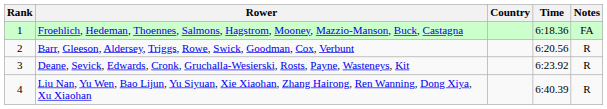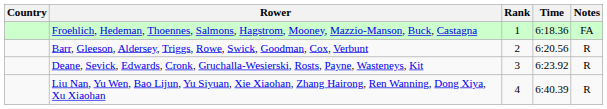 <table class="wikitable" style="text-align:center">
 <tr>
+<th>Country</th>
+<th>Rower</th>
 <th>Rank</th>
-<th>Rower</th>
-<th>Country</th>
 <th>Time</th>
 <th>Notes</th>
 </tr>
 <tr bgcolor=ccffcc>
+<td align="left"></td>
+<td align="left"><a href='#'>Froehlich</a>, <a href='#'>Hedeman</a>, <a href='#'>Thoennes</a>, <a href='#'>Salmons</a>, <a href='#'>Hagstrom</a>, <a href='#'>Mooney</a>, <a href='#'>Mazzio-Manson</a>, <a href='#'>Buck</a>, <a href='#'>Castagna</a></td>
 <td>1</td>
-<td align="left"><a href='#'>Froehlich</a>, <a href='#'>Hedeman</a>, <a href='#'>Thoennes</a>, <a href='#'>Salmons</a>, <a href='#'>Hagstrom</a>, <a href='#'>Mooney</a>, <a href='#'>Mazzio-Manson</a>, <a href='#'>Buck</a>, <a href='#'>Castagna</a></td>
-<td align="left"></td>
 <td>6:18.36</td>
 <td>FA</td>
 </tr>
 <tr>
+<td align="left"></td>
+<td align="left"><a href='#'>Barr</a>, <a href='#'>Gleeson</a>, <a href='#'>Aldersey</a>, <a href='#'>Triggs</a>, <a href='#'>Rowe</a>, <a href='#'>Swick</a>, <a href='#'>Goodman</a>, <a href='#'>Cox</a>, <a href='#'>Verbunt</a></td>
 <td>2</td>
-<td align="left"><a href='#'>Barr</a>, <a href='#'>Gleeson</a>, <a href='#'>Aldersey</a>, <a href='#'>Triggs</a>, <a href='#'>Rowe</a>, <a href='#'>Swick</a>, <a href='#'>Goodman</a>, <a href='#'>Cox</a>, <a href='#'>Verbunt</a></td>
-<td align="left"></td>
 <td>6:20.56</td>
 <td>R</td>
 </tr>
 <tr>
+<td align="left"></td>
+<td align="left"><a href='#'>Deane</a>, <a href='#'>Sevick</a>, <a href='#'>Edwards</a>, <a href='#'>Cronk</a>, <a href='#'>Gruchalla-Wesierski</a>, <a href='#'>Rosts</a>, <a href='#'>Payne</a>, <a href='#'>Wasteneys</a>, <a href='#'>Kit</a></td>
 <td>3</td>
-<td align="left"><a href='#'>Deane</a>, <a href='#'>Sevick</a>, <a href='#'>Edwards</a>, <a href='#'>Cronk</a>, <a href='#'>Gruchalla-Wesierski</a>, <a href='#'>Rosts</a>, <a href='#'>Payne</a>, <a href='#'>Wasteneys</a>, <a href='#'>Kit</a></td>
-<td align="left"></td>
 <td>6:23.92</td>
 <td>R</td>
 </tr>
 <tr>
+<td align="left"></td>
+<td align="left"><a href='#'>Liu Nan</a>, <a href='#'>Yu Wen</a>, <a href='#'>Bao Lijun</a>, <a href='#'>Yu Siyuan</a>, <a href='#'>Xie Xiaohan</a>, <a href='#'>Zhang Hairong</a>, <a href='#'>Ren Wanning</a>, <a href='#'>Dong Xiya</a>, <a href='#'>Xu Xiaohan</a></td>
 <td>4</td>
-<td align="left"><a href='#'>Liu Nan</a>, <a href='#'>Yu Wen</a>, <a href='#'>Bao Lijun</a>, <a href='#'>Yu Siyuan</a>, <a href='#'>Xie Xiaohan</a>, <a href='#'>Zhang Hairong</a>, <a href='#'>Ren Wanning</a>, <a href='#'>Dong Xiya</a>, <a href='#'>Xu Xiaohan</a></td>
-<td align="left"></td>
 <td>6:40.39</td>
 <td>R</td>
 </tr>
 </table>
